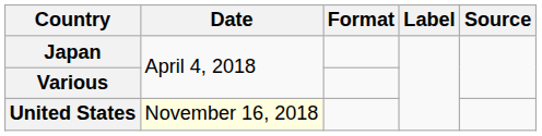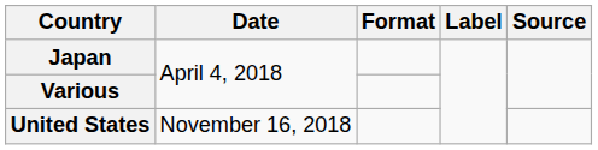 <table class="wikitable plainrowheaders">
 <tr>
 <th>Country</th>
 <th>Date</th>
 <th>Format</th>
 <th>Label</th>
 <th>Source</th>
 </tr>
 <tr>
 <th scope="row">Japan</th>
 <td rowspan="2">April 4, 2018</td>
 <td></td>
 <td rowspan="3"></td>
 <td rowspan="2"></td>
 </tr>
 <tr>
 <th scope="row">Various</th>
 <td></td>
 </tr>
 <tr>
 <th scope="row">United States</th>
-<td rowspan="1" style="background: lightyellow;">November 16, 2018</td>
+<td rowspan="1">November 16, 2018</td>
 <td></td>
 <td></td>
 </tr>
 </table>
